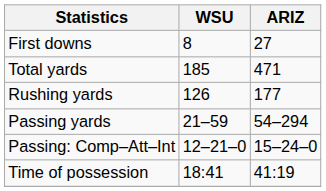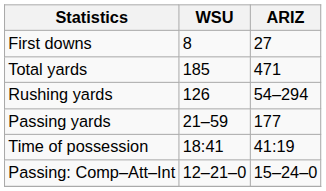 <table class="wikitable" style="float: left;">
 <tr>
 <th>Statistics</th>
 <th>WSU</th>
 <th>ARIZ</th>
 </tr>
 <tr>
 <td>First downs</td>
 <td>8</td>
 <td>27</td>
 </tr>
 <tr>
 <td>Total yards</td>
 <td>185</td>
 <td>471</td>
 </tr>
 <tr>
 <td>Rushing yards</td>
 <td>126</td>
-<td>177</td>
+<td>54–294</td>
 </tr>
 <tr>
 <td>Passing yards</td>
 <td>21–59</td>
-<td>54–294</td>
+<td>177</td>
+</tr>
+<tr>
+<td>Time of possession</td>
+<td>18:41</td>
+<td>41:19</td>
 </tr>
 <tr>
 <td>Passing: Comp–Att–Int</td>
 <td>12–21–0</td>
 <td>15–24–0</td>
 </tr>
 <tr>
-<td>Time of possession</td>
-<td>18:41</td>
-<td>41:19</td>
-</tr>
-<tr>
 </tr>
 </table>
